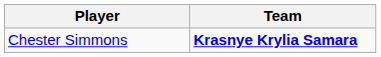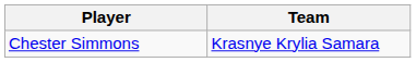 <table class="wikitable sortable">
 <tr>
 <th width=190>Player</th>
 <th width=190>Team</th>
 </tr>
 <tr>
 <td align="left"> <a href='#'>Chester Simmons</a></td>
-<td><strong> <a href='#'>Krasnye Krylia Samara</a></strong></td>
+<td> <a href='#'>Krasnye Krylia Samara</a></td>
 </tr>
 </table>
